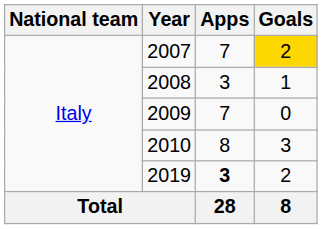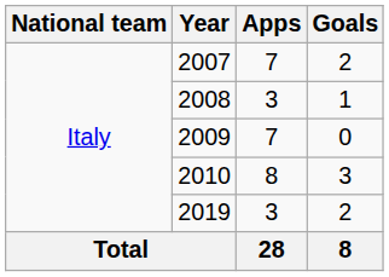 <table class="wikitable" style="text-align:center">
 <tr>
 <th>National team</th>
 <th>Year</th>
 <th>Apps</th>
 <th>Goals</th>
 </tr>
 <tr>
 <td rowspan="5"><a href='#'>Italy</a></td>
 <td>2007</td>
 <td>7</td>
-<td style="background: gold;">2</td>
+<td>2</td>
 </tr>
 <tr>
 <td>2008</td>
 <td>3</td>
 <td>1</td>
 </tr>
 <tr>
 <td>2009</td>
 <td>7</td>
 <td>0</td>
 </tr>
 <tr>
 <td>2010</td>
 <td>8</td>
 <td>3</td>
 </tr>
 <tr>
 <td>2019</td>
-<td><strong>3</strong></td>
+<td>3</td>
 <td>2</td>
 </tr>
 <tr>
 <th colspan="2">Total</th>
 <th>28</th>
 <th>8</th>
 </tr>
 </table>
